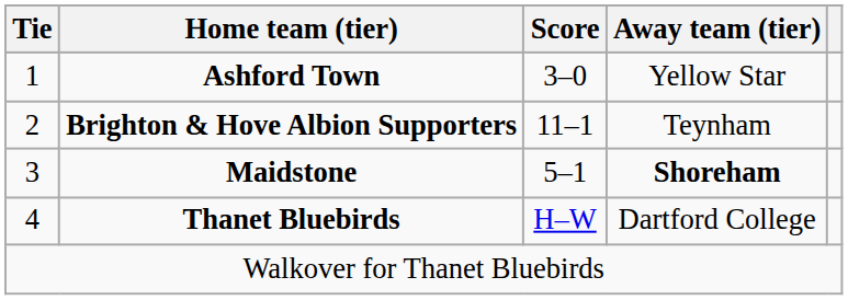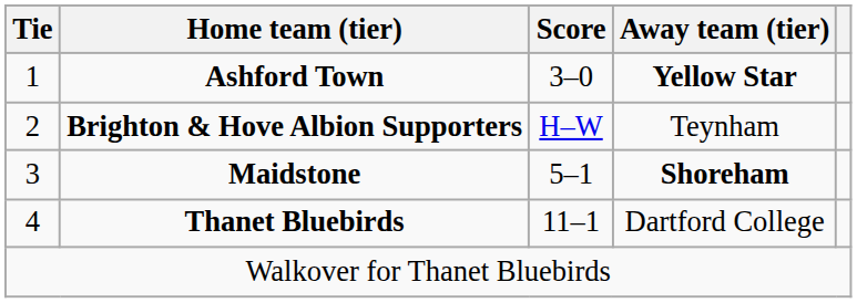 <table class="wikitable" style="text-align:center; font-size:85%">
 <tr>
 <th>Tie</th>
 <th>Home team (tier)</th>
 <th>Score</th>
 <th>Away team (tier)</th>
 <th></th>
 </tr>
 <tr>
 <td align="center">1</td>
 <td><strong>Ashford Town</strong></td>
 <td align="center">3–0</td>
-<td>Yellow Star</td>
+<td><strong>Yellow Star</strong></td>
 <td></td>
 </tr>
 <tr>
 <td align="center">2</td>
 <td><strong>Brighton & Hove Albion Supporters</strong></td>
-<td align="center">11–1</td>
+<td align="center"><a href='#'>H–W</a></td>
 <td>Teynham</td>
 <td></td>
 </tr>
 <tr>
 <td align="center">3</td>
 <td><strong>Maidstone</strong></td>
 <td align="center">5–1</td>
 <td><strong>Shoreham</strong></td>
 <td></td>
 </tr>
 <tr>
 <td align="center">4</td>
 <td><strong>Thanet Bluebirds</strong></td>
-<td align="center"><a href='#'>H–W</a></td>
+<td align="center">11–1</td>
 <td>Dartford College</td>
 <td></td>
 </tr>
 <tr>
 <td colspan="5" align="center">Walkover for Thanet Bluebirds</td>
 </tr>
 </table>
